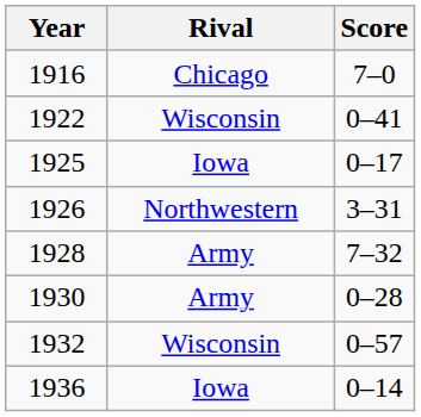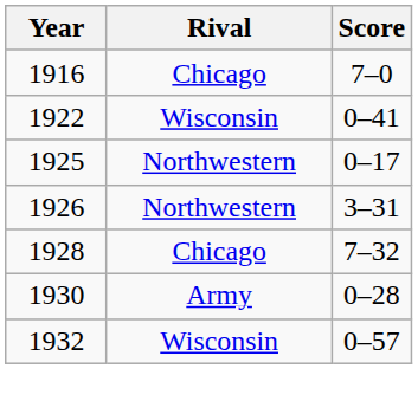 <table class="wikitable floatleft" style="text-align:center; margin-right:15px">
 <tr>
 <th width=50px>Year</th>
 <th width=120px>Rival</th>
 <th>Score</th>
 </tr>
 <tr>
 <td>1916</td>
 <td> <a href='#'>Chicago</a></td>
 <td>7–0</td>
 </tr>
 <tr>
 <td>1922</td>
 <td>  <a href='#'>Wisconsin</a></td>
 <td>0–41</td>
 </tr>
 <tr>
 <td>1925</td>
-<td>  <a href='#'>Iowa</a></td>
+<td>  <a href='#'>Northwestern</a></td>
 <td>0–17</td>
 </tr>
 <tr>
 <td>1926</td>
 <td>  <a href='#'>Northwestern</a></td>
 <td>3–31</td>
 </tr>
 <tr>
 <td>1928</td>
-<td>  <a href='#'>Army</a></td>
+<td> <a href='#'>Chicago</a></td>
 <td>7–32</td>
 </tr>
 <tr>
 <td>1930</td>
 <td>  <a href='#'>Army</a></td>
 <td>0–28</td>
 </tr>
 <tr>
 <td>1932</td>
 <td>  <a href='#'>Wisconsin</a></td>
 <td>0–57</td>
 </tr>
-<tr>
-<td>1936</td>
-<td>  <a href='#'>Iowa</a></td>
-<td>0–14</td>
-</tr>
 </table>
